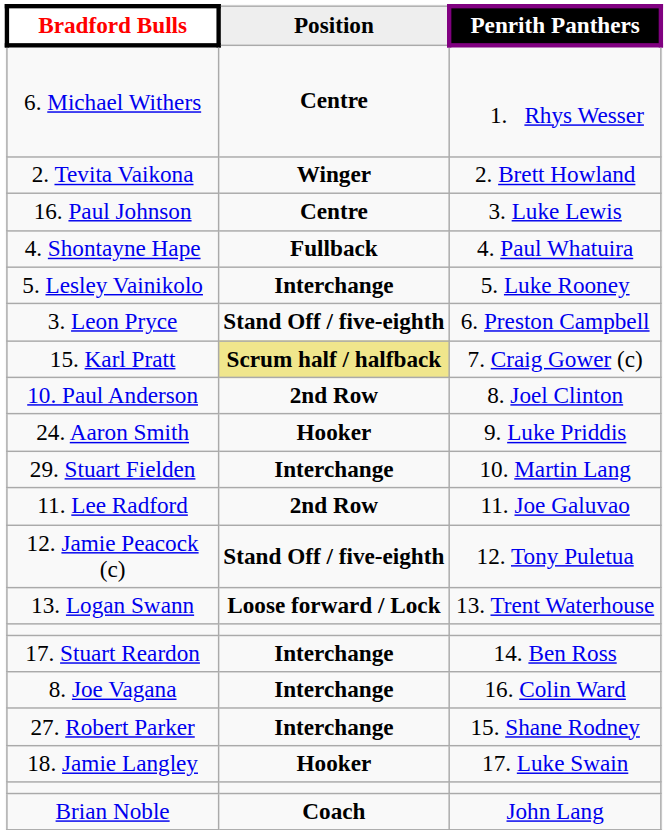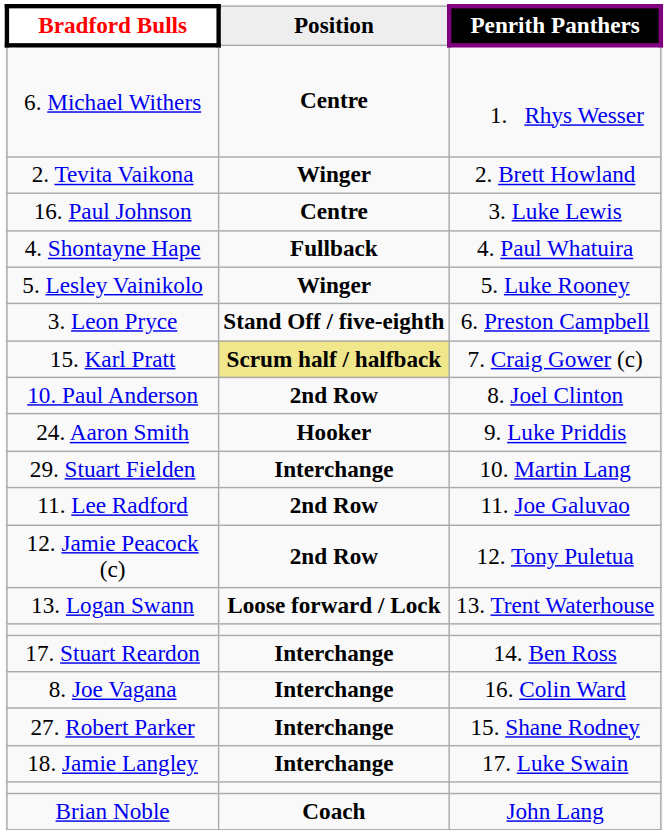 <table class="wikitable" style="margin: 1em auto 1em auto">
 <tr>
 <th align="centre" width="136" style="border: 3px solid black; background: white; color: red">Bradford Bulls</th>
 <th align="center" style="background: #eeeeee; color: black">Position</th>
 <th align="centre" width="136" style="border: 3px solid purple; background: black; color: white">Penrith Panthers</th>
 </tr>
 <tr>
 <td align="center" colspan="1">6. <a href='#'>Michael Withers</a></td>
 <td align="center" colspan="1"><strong>Centre</strong></td>
 <td align="center" colspan="1"><br><ol><li><a href='#'>Rhys Wesser</a></li></ol></td>
 </tr>
 <tr>
 <td align="center" colspan="1">2. <a href='#'>Tevita Vaikona</a></td>
 <td align="center" colspan="1"><strong>Winger</strong></td>
 <td align="center" colspan="1">2. <a href='#'>Brett Howland</a></td>
 </tr>
 <tr>
 <td align="center" colspan="1">16. <a href='#'>Paul Johnson</a></td>
 <td align="center" colspan="1"><strong>Centre</strong></td>
 <td align="center" colspan="1">3. <a href='#'>Luke Lewis</a></td>
 </tr>
 <tr>
 <td align="center" colspan="1">4. <a href='#'>Shontayne Hape</a></td>
 <td align="center" colspan="1"><strong>Fullback</strong></td>
 <td align="center" colspan="1">4. <a href='#'>Paul Whatuira</a></td>
 </tr>
 <tr>
 <td align="center" colspan="1">5. <a href='#'>Lesley Vainikolo</a></td>
-<td align="center" colspan="1"><strong>Interchange</strong></td>
+<td align="center" colspan="1"><strong>Winger</strong></td>
 <td align="center" colspan="1">5. <a href='#'>Luke Rooney</a></td>
 </tr>
 <tr>
 <td align="center" colspan="1">3. <a href='#'>Leon Pryce</a></td>
 <td align="center" colspan="1"><strong>Stand Off / five-eighth</strong></td>
 <td align="center" colspan="1">6. <a href='#'>Preston Campbell</a></td>
 </tr>
 <tr>
 <td align="center" colspan="1">15. <a href='#'>Karl Pratt</a></td>
 <td align="center" colspan="1" style="background: khaki;"><strong>Scrum half / halfback</strong></td>
 <td align="center" colspan="1">7. <a href='#'>Craig Gower</a> (c)</td>
 </tr>
 <tr>
 <td align="center" colspan="1"><a href='#'>10. Paul Anderson</a></td>
 <td align="center" colspan="1"><strong>2nd Row</strong></td>
 <td align="center" colspan="1">8. <a href='#'>Joel Clinton</a></td>
 </tr>
 <tr>
 <td align="center" colspan="1">24. <a href='#'>Aaron Smith</a></td>
 <td align="center" colspan="1"><strong>Hooker</strong></td>
 <td align="center" colspan="1">9. <a href='#'>Luke Priddis</a></td>
 </tr>
 <tr>
 <td align="center" colspan="1">29. <a href='#'>Stuart Fielden</a></td>
 <td align="center" colspan="1"><strong>Interchange</strong></td>
 <td align="center" colspan="1">10. <a href='#'>Martin Lang</a></td>
 </tr>
 <tr>
 <td align="center" colspan="1">11. <a href='#'>Lee Radford</a></td>
 <td align="center" colspan="1"><strong>2nd Row</strong></td>
 <td align="center" colspan="1">11. <a href='#'>Joe Galuvao</a></td>
 </tr>
 <tr>
 <td align="center" colspan="1">12. <a href='#'>Jamie Peacock</a> (c)</td>
-<td align="center" colspan="1"><strong>Stand Off / five-eighth</strong></td>
+<td align="center" colspan="1"><strong>2nd Row</strong></td>
 <td align="center" colspan="1">12. <a href='#'>Tony Puletua</a></td>
 </tr>
 <tr>
 <td align="center" colspan="1">13. <a href='#'>Logan Swann</a></td>
 <td align="center" colspan="1"><strong>Loose forward / Lock</strong></td>
 <td align="center" colspan="1">13. <a href='#'>Trent Waterhouse</a></td>
 </tr>
 <tr>
 <td align="center" colspan="1"></td>
 <td align="center" colspan="1"></td>
 <td align="center" colspan="1"></td>
 </tr>
 <tr>
 <td align="center" colspan="1">17. <a href='#'>Stuart Reardon</a></td>
 <td align="center" colspan="1"><strong>Interchange</strong></td>
 <td align="center" colspan="1">14. <a href='#'>Ben Ross</a></td>
 </tr>
 <tr>
 <td align="center" colspan="1">8. <a href='#'>Joe Vagana</a></td>
 <td align="center" colspan="1"><strong>Interchange</strong></td>
 <td align="center" colspan="1">16. <a href='#'>Colin Ward</a></td>
 </tr>
 <tr>
 <td align="center" colspan="1">27. <a href='#'>Robert Parker</a></td>
 <td align="center" colspan="1"><strong>Interchange</strong></td>
 <td align="center" colspan="1">15. <a href='#'>Shane Rodney</a></td>
 </tr>
 <tr>
 <td align="center" colspan="1">18. <a href='#'>Jamie Langley</a></td>
-<td align="center" colspan="1"><strong>Hooker</strong></td>
+<td align="center" colspan="1"><strong>Interchange</strong></td>
 <td align="center" colspan="1">17. <a href='#'>Luke Swain</a></td>
 </tr>
 <tr>
 <td align="center" colspan="1"></td>
 <td align="center" colspan="1"></td>
 <td align="center" colspan="1"></td>
 </tr>
 <tr>
 <td align="center" colspan="1"><a href='#'>Brian Noble</a></td>
 <td align="center" colspan="1"><strong>Coach</strong></td>
 <td align="center" colspan="1"><a href='#'>John Lang</a></td>
 </tr>
 </table>
